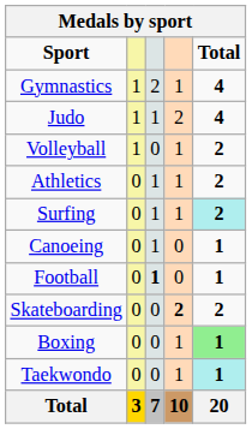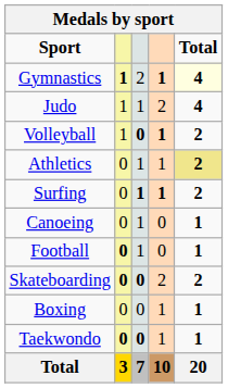 <table class="wikitable" style="font-size:85%">
 <tr style="background:#efefef;">
 <th colspan=7><strong>Medals by sport</strong></th>
 </tr>
 <tr align=center>
 <td><strong>Sport</strong></td>
 <td bgcolor=#f7f6a8></td>
 <td bgcolor=#dce5e5></td>
 <td bgcolor=#ffdab9></td>
 <td><strong>Total</strong></td>
 </tr>
 <tr align=center>
 <td><a href='#'>Gymnastics</a></td>
-<td style="background:#F7F6A8;">1</td>
+<td style="background:#F7F6A8;"><strong>1</strong></td>
 <td style="background:#DCE5E5;">2</td>
-<td style="background:#FFDAB9;">1</td>
-<td><strong>4</strong></td>
+<td style="background:#FFDAB9;"><strong>1</strong></td>
+<td style="background: lightyellow;"><strong>4</strong></td>
 </tr>
 <tr align=center>
 <td><a href='#'>Judo</a></td>
 <td style="background:#F7F6A8;">1</td>
 <td style="background:#DCE5E5;">1</td>
 <td style="background:#FFDAB9;">2</td>
 <td><strong>4</strong></td>
 </tr>
 <tr align=center>
 <td><a href='#'>Volleyball</a></td>
 <td style="background:#F7F6A8;">1</td>
-<td style="background:#DCE5E5;">0</td>
-<td style="background:#FFDAB9;">1</td>
+<td style="background:#DCE5E5;"><strong>0</strong></td>
+<td style="background:#FFDAB9;"><strong>1</strong></td>
 <td><strong>2</strong></td>
 </tr>
 <tr align=center>
 <td><a href='#'>Athletics</a></td>
 <td style="background:#F7F6A8;">0</td>
 <td style="background:#DCE5E5;">1</td>
 <td style="background:#FFDAB9;">1</td>
-<td><strong>2</strong></td>
+<td style="background: khaki;"><strong>2</strong></td>
 </tr>
 <tr align=center>
 <td><a href='#'>Surfing</a></td>
 <td style="background:#F7F6A8;">0</td>
-<td style="background:#DCE5E5;">1</td>
-<td style="background:#FFDAB9;">1</td>
-<td style="background: paleturquoise;"><strong>2</strong></td>
+<td style="background:#DCE5E5;"><strong>1</strong></td>
+<td style="background:#FFDAB9;"><strong>1</strong></td>
+<td><strong>2</strong></td>
 </tr>
 <tr align=center>
 <td><a href='#'>Canoeing</a></td>
 <td style="background:#F7F6A8;">0</td>
 <td style="background:#DCE5E5;">1</td>
 <td style="background:#FFDAB9;">0</td>
 <td><strong>1</strong></td>
 </tr>
 <tr align=center>
 <td><a href='#'>Football</a></td>
-<td style="background:#F7F6A8;">0</td>
-<td style="background:#DCE5E5;"><strong>1</strong></td>
+<td style="background:#F7F6A8;"><strong>0</strong></td>
+<td style="background:#DCE5E5;">1</td>
 <td style="background:#FFDAB9;">0</td>
 <td><strong>1</strong></td>
 </tr>
 <tr align=center>
 <td><a href='#'>Skateboarding</a></td>
-<td style="background:#F7F6A8;">0</td>
-<td style="background:#DCE5E5;">0</td>
-<td style="background:#FFDAB9;"><strong>2</strong></td>
+<td style="background:#F7F6A8;"><strong>0</strong></td>
+<td style="background:#DCE5E5;"><strong>0</strong></td>
+<td style="background:#FFDAB9;">2</td>
 <td><strong>2</strong></td>
 </tr>
 <tr align=center>
 <td><a href='#'>Boxing</a></td>
 <td style="background:#F7F6A8;">0</td>
 <td style="background:#DCE5E5;">0</td>
 <td style="background:#FFDAB9;">1</td>
-<td style="background: lightgreen;"><strong>1</strong></td>
+<td><strong>1</strong></td>
 </tr>
 <tr align=center>
 <td><a href='#'>Taekwondo</a></td>
-<td style="background:#F7F6A8;">0</td>
-<td style="background:#DCE5E5;">0</td>
+<td style="background:#F7F6A8;"><strong>0</strong></td>
+<td style="background:#DCE5E5;"><strong>0</strong></td>
 <td style="background:#FFDAB9;">1</td>
-<td style="background: paleturquoise;"><strong>1</strong></td>
+<td><strong>1</strong></td>
 </tr>
 <tr align=center>
 <th><strong>Total</strong></th>
 <th style="background:gold;"><strong>3</strong></th>
 <th style="background:silver;"><strong>7</strong></th>
 <th style="background:#c96;"><strong>10</strong></th>
 <th><strong>20</strong></th>
 </tr>
 </table>
